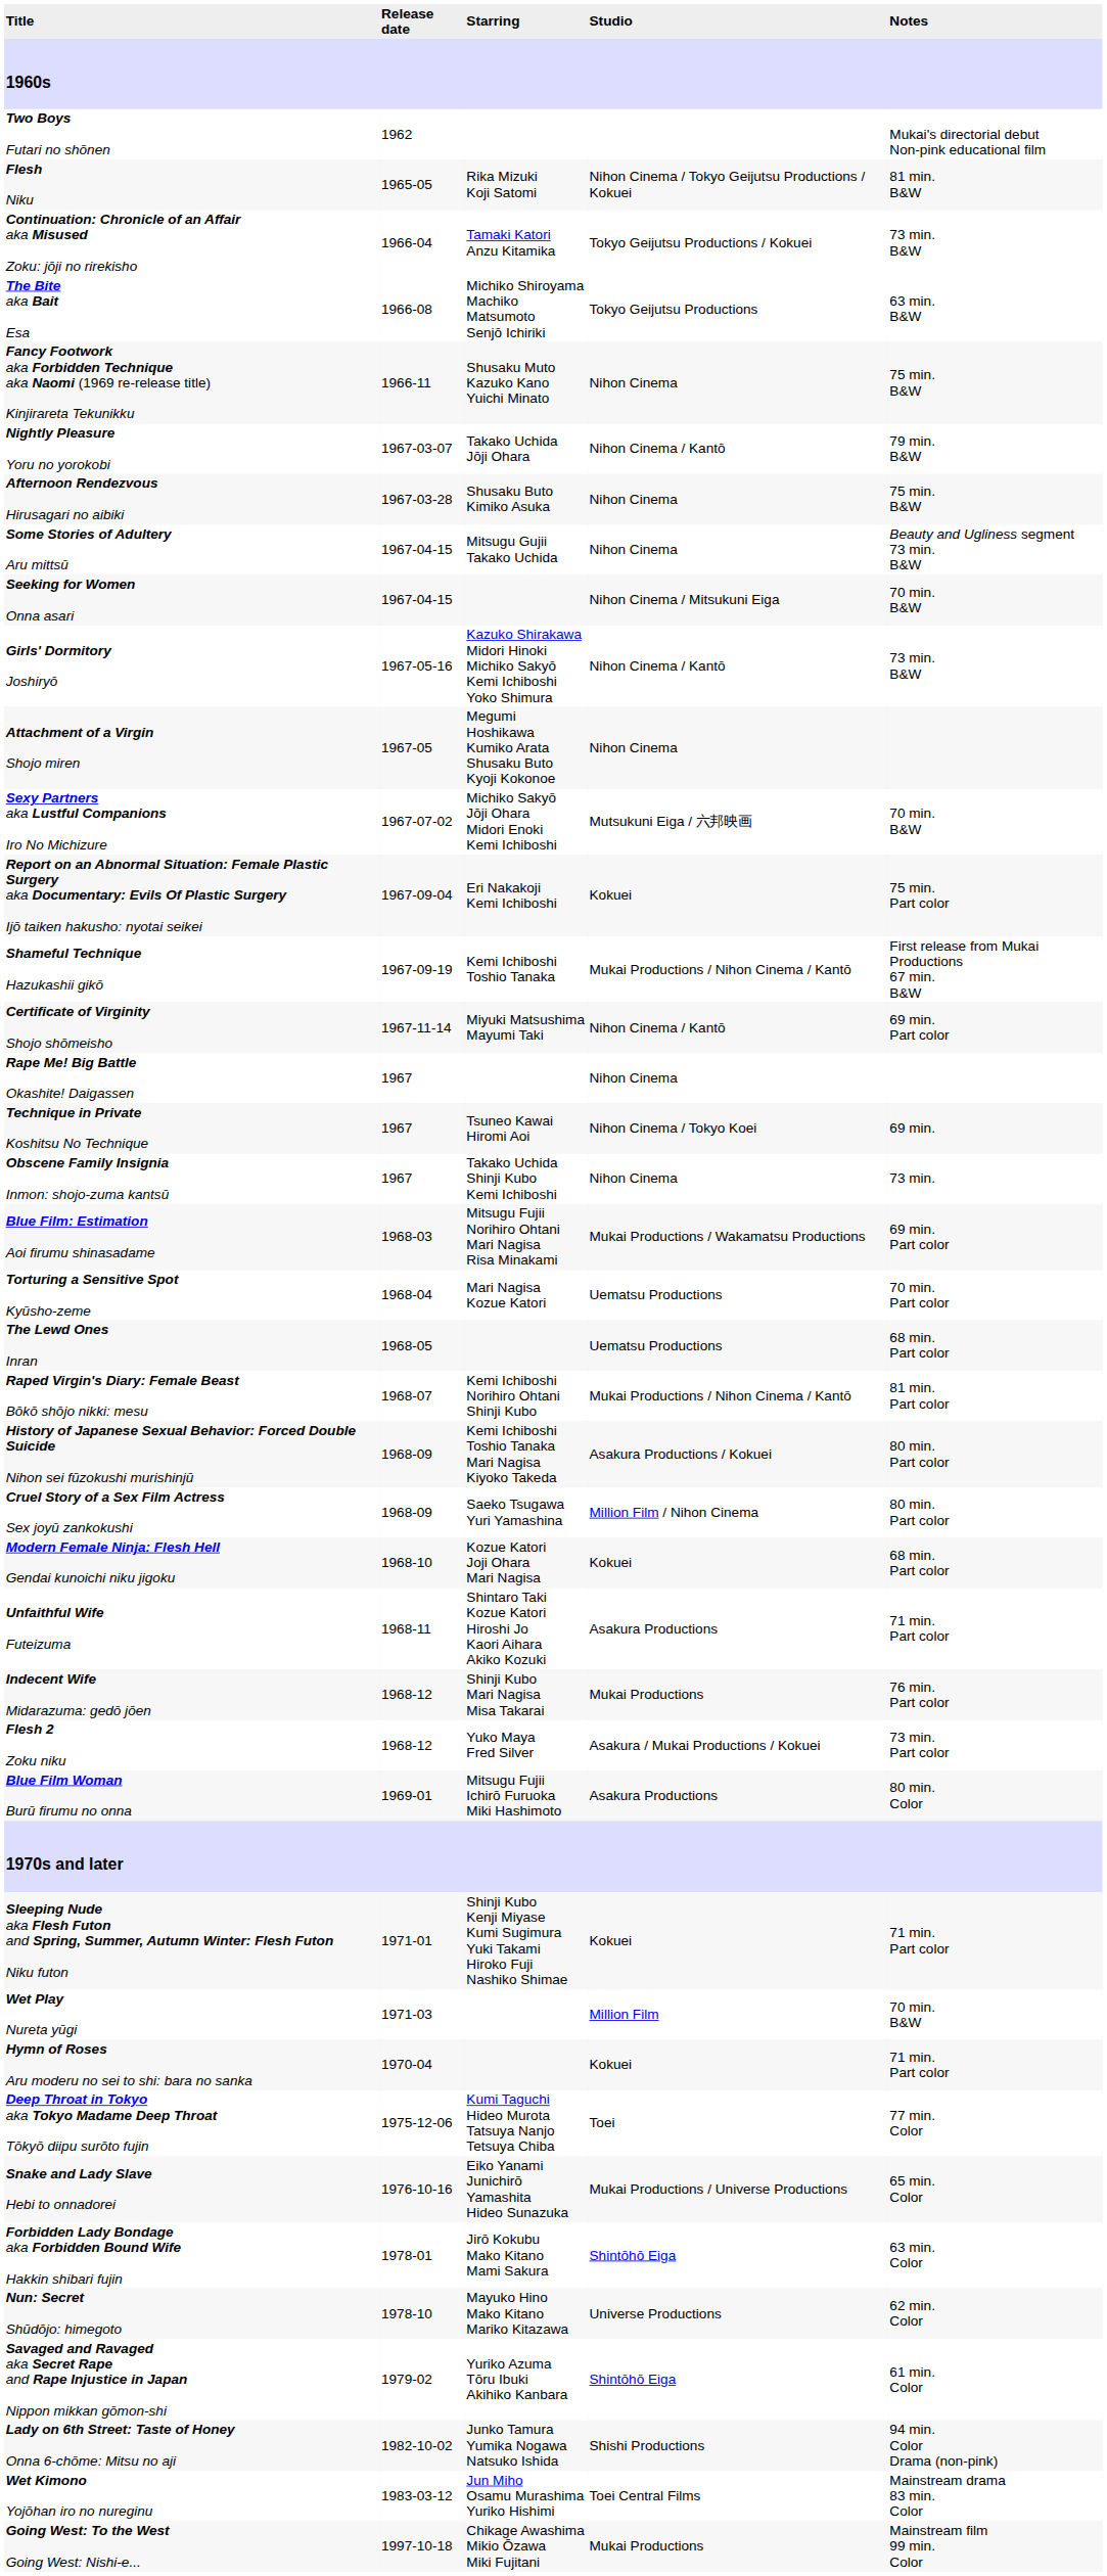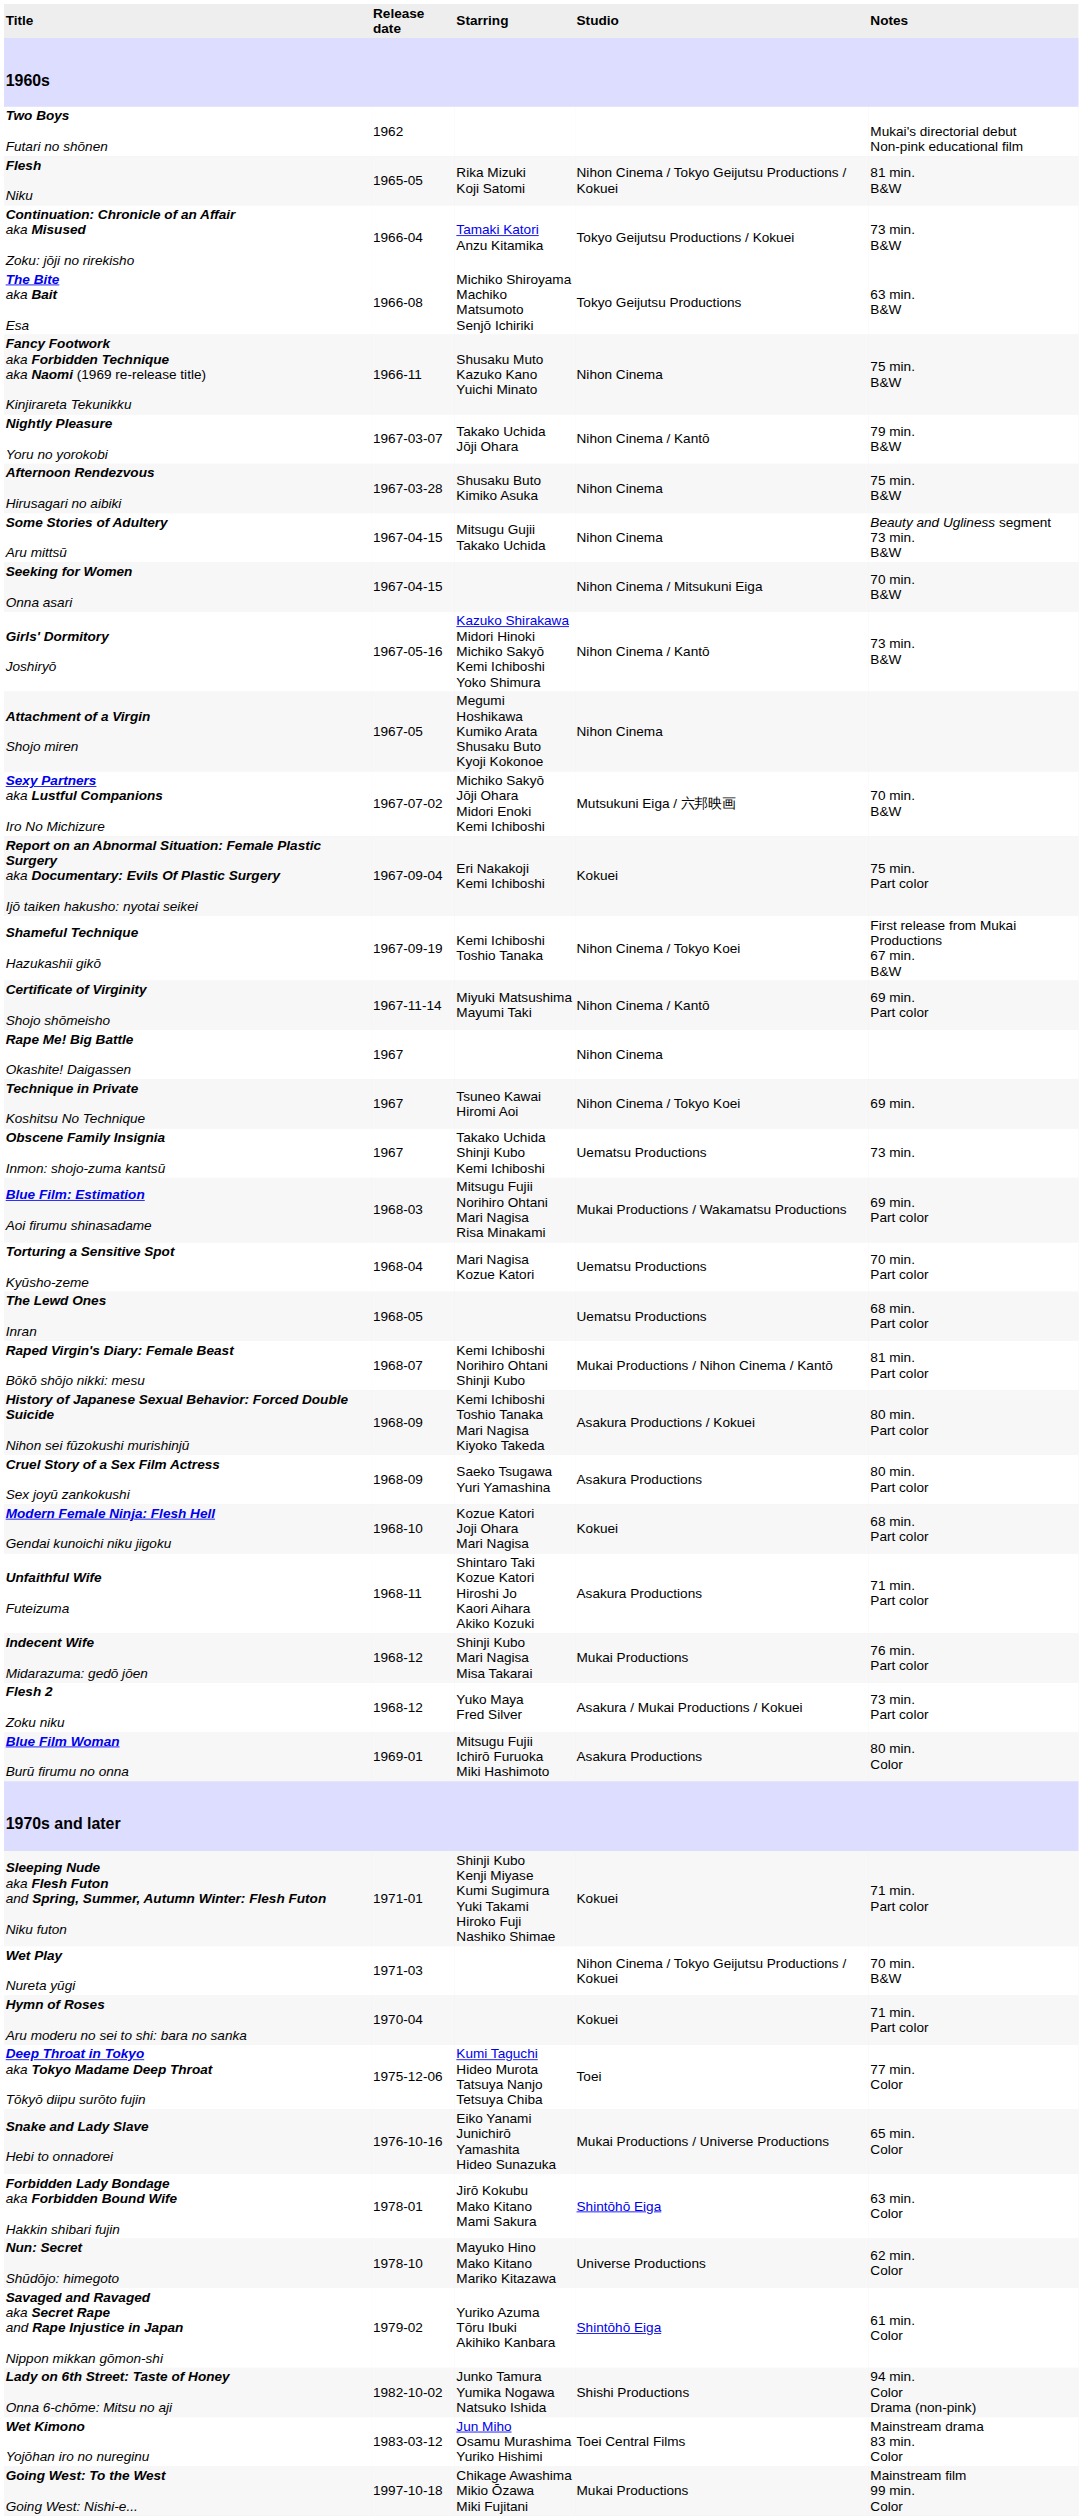 <table cellpadding=2 style="width:100%; text-align:left; border-width:0px; border-collapse:collapse; background:#eee;">
 <tr>
 <th>Title</th>
 <th>Release date</th>
 <th>Starring</th>
 <th>Studio</th>
 <th>Notes</th>
 </tr>
 <tr>
 <td colspan=6 style=background-color:#ddf;><br><h3>1960s</h3></td>
 </tr>
 <tr style=background:#fff;>
 <td><strong><em>Two Boys</em></strong><br><br><em>Futari no shōnen</em></td>
 <td>1962</td>
 <td></td>
 <td></td>
 <td><br>Mukai's directorial debut<br>Non-pink educational film</td>
 </tr>
 <tr style=background:#f7f7f7;>
 <td><strong><em>Flesh</em></strong><br><br><em>Niku</em></td>
 <td>1965-05</td>
 <td>Rika Mizuki<br>Koji Satomi</td>
 <td>Nihon Cinema / Tokyo Geijutsu Productions / Kokuei</td>
 <td>81 min.<br>B&W</td>
 </tr>
 <tr style=background:#fff;>
 <td><strong><em>Continuation: Chronicle of an Affair</em></strong> <br><em>aka</em> <strong><em>Misused</em></strong><br><br><em>Zoku: jōji no rirekisho</em></td>
 <td>1966-04</td>
 <td><a href='#'>Tamaki Katori</a><br>Anzu Kitamika</td>
 <td>Tokyo Geijutsu Productions / Kokuei</td>
 <td>73 min.<br>B&W</td>
 </tr>
 <tr style=background:#fff;>
 <td><strong><em><a href='#'>The Bite</a></em></strong> <br><em>aka</em> <strong><em>Bait</em></strong><br><br><em>Esa</em></td>
 <td>1966-08</td>
 <td>Michiko Shiroyama<br>Machiko Matsumoto<br>Senjō Ichiriki</td>
 <td>Tokyo Geijutsu Productions</td>
 <td>63 min.<br>B&W</td>
 </tr>
 <tr style=background:#f7f7f7;>
 <td><strong><em>Fancy Footwork</em></strong><br><em>aka</em> <strong><em>Forbidden Technique</em></strong> <br><em>aka</em> <strong><em>Naomi</em></strong> (1969 re-release title)<br><br><em>Kinjirareta Tekunikku</em></td>
 <td>1966-11</td>
 <td>Shusaku Muto<br>Kazuko Kano<br>Yuichi Minato</td>
 <td>Nihon Cinema</td>
 <td>75 min.<br>B&W</td>
 </tr>
 <tr style=background:#fff;>
 <td><strong><em>Nightly Pleasure</em></strong><br><br><em>Yoru no yorokobi</em></td>
 <td>1967-03-07</td>
 <td>Takako Uchida<br>Jōji Ohara</td>
 <td>Nihon Cinema / Kantō</td>
 <td>79 min.<br>B&W</td>
 </tr>
 <tr style=background:#f7f7f7;>
 <td><strong><em>Afternoon Rendezvous</em></strong><br><br><em>Hirusagari no aibiki</em></td>
 <td>1967-03-28</td>
 <td>Shusaku Buto<br>Kimiko Asuka</td>
 <td>Nihon Cinema</td>
 <td>75 min.<br>B&W</td>
 </tr>
 <tr style=background:#fff;>
 <td><strong><em>Some Stories of Adultery</em></strong><br><br><em>Aru mittsū</em></td>
 <td>1967-04-15</td>
 <td>Mitsugu Gujii<br>Takako Uchida</td>
 <td>Nihon Cinema</td>
 <td><em>Beauty and Ugliness</em> segment<br>73 min.<br>B&W</td>
 </tr>
 <tr style=background:#f7f7f7;>
 <td><strong><em>Seeking for Women</em></strong><br><br><em>Onna asari</em></td>
 <td>1967-04-15</td>
 <td></td>
 <td>Nihon Cinema / Mitsukuni Eiga</td>
 <td>70 min.<br>B&W</td>
 </tr>
 <tr style=background:#fff;>
 <td><strong><em>Girls' Dormitory</em></strong><br><br><em>Joshiryō</em></td>
 <td>1967-05-16</td>
 <td><a href='#'>Kazuko Shirakawa</a><br>Midori Hinoki<br>Michiko Sakyō<br>Kemi Ichiboshi<br>Yoko Shimura</td>
 <td>Nihon Cinema / Kantō</td>
 <td>73 min.<br>B&W</td>
 </tr>
 <tr style=background:#f7f7f7;>
 <td><strong><em>Attachment of a Virgin</em></strong><br><br><em>Shojo miren</em></td>
 <td>1967-05</td>
 <td>Megumi Hoshikawa<br>Kumiko Arata<br>Shusaku Buto<br>Kyoji Kokonoe</td>
 <td>Nihon Cinema</td>
 <td></td>
 </tr>
 <tr style=background:#fff;>
 <td><strong><em><a href='#'>Sexy Partners</a></em></strong><br><em>aka</em> <strong><em>Lustful Companions</em></strong> <br><br><em>Iro No Michizure</em></td>
 <td>1967-07-02</td>
 <td>Michiko Sakyō<br>Jōji Ohara<br>Midori Enoki<br>Kemi Ichiboshi</td>
 <td>Mutsukuni Eiga / 六邦映画</td>
 <td>70 min.<br>B&W</td>
 </tr>
 <tr style=background:#f7f7f7;>
 <td><strong><em>Report on an Abnormal Situation: Female Plastic Surgery</em></strong> <br><em>aka</em> <strong><em>Documentary: Evils Of Plastic Surgery</em></strong><br><br><em>Ijō taiken hakusho: nyotai seikei</em></td>
 <td>1967-09-04</td>
 <td>Eri Nakakoji<br>Kemi Ichiboshi</td>
 <td>Kokuei</td>
 <td>75 min.<br>Part color</td>
 </tr>
 <tr style=background:#fff;>
 <td><strong><em>Shameful Technique</em></strong><br><br><em>Hazukashii gikō</em></td>
 <td>1967-09-19</td>
 <td>Kemi Ichiboshi<br>Toshio Tanaka</td>
-<td>Mukai Productions / Nihon Cinema / Kantō</td>
+<td>Nihon Cinema / Tokyo Koei</td>
 <td>First release from Mukai Productions<br>67 min.<br>B&W</td>
 </tr>
 <tr style=background:#f7f7f7;>
 <td><strong><em>Certificate of Virginity</em></strong><br><br><em>Shojo shōmeisho</em></td>
 <td>1967-11-14</td>
 <td>Miyuki Matsushima<br>Mayumi Taki</td>
 <td>Nihon Cinema / Kantō</td>
 <td>69 min.<br>Part color</td>
 </tr>
 <tr style=background:#fff;>
 <td><strong><em>Rape Me! Big Battle</em></strong><br><br><em>Okashite! Daigassen</em></td>
 <td>1967</td>
 <td></td>
 <td>Nihon Cinema</td>
 <td></td>
 </tr>
 <tr style=background:#f7f7f7;>
 <td><strong><em>Technique in Private</em></strong><br><br><em>Koshitsu No Technique</em></td>
 <td>1967</td>
 <td>Tsuneo Kawai<br>Hiromi Aoi</td>
 <td>Nihon Cinema / Tokyo Koei</td>
 <td>69 min.</td>
 </tr>
 <tr style=background:#fff;>
 <td><strong><em>Obscene Family Insignia</em></strong><br><br><em>Inmon: shojo-zuma kantsū</em></td>
 <td>1967</td>
 <td>Takako Uchida<br>Shinji Kubo<br>Kemi Ichiboshi</td>
-<td>Nihon Cinema</td>
+<td>Uematsu Productions</td>
 <td>73 min.</td>
 </tr>
 <tr style=background:#f7f7f7;>
 <td><strong><em><a href='#'>Blue Film: Estimation</a></em></strong><br><br><em>Aoi firumu shinasadame</em></td>
 <td>1968-03</td>
 <td>Mitsugu Fujii<br>Norihiro Ohtani<br>Mari Nagisa<br>Risa Minakami</td>
 <td>Mukai Productions / Wakamatsu Productions</td>
 <td>69 min.<br>Part color</td>
 </tr>
 <tr style=background:#fff;>
 <td><strong><em>Torturing a Sensitive Spot</em></strong><br><br><em>Kyūsho-zeme</em></td>
 <td>1968-04</td>
 <td>Mari Nagisa<br>Kozue Katori</td>
 <td>Uematsu Productions</td>
 <td>70 min.<br>Part color</td>
 </tr>
 <tr style=background:#f7f7f7;>
 <td><strong><em>The Lewd Ones</em></strong><br><br><em>Inran</em></td>
 <td>1968-05</td>
 <td></td>
 <td>Uematsu Productions</td>
 <td>68 min.<br>Part color</td>
 </tr>
 <tr style=background:#fff;>
 <td><strong><em>Raped Virgin's Diary: Female Beast</em></strong><br><br><em>Bōkō shōjo nikki: mesu</em></td>
 <td>1968-07</td>
 <td>Kemi Ichiboshi<br>Norihiro Ohtani<br>Shinji Kubo</td>
 <td>Mukai Productions / Nihon Cinema / Kantō</td>
 <td>81 min.<br>Part color</td>
 </tr>
 <tr style=background:#f7f7f7;>
 <td><strong><em>History of Japanese Sexual Behavior: Forced Double Suicide</em></strong><br><br><em>Nihon sei fūzokushi murishinjū</em></td>
 <td>1968-09</td>
 <td>Kemi Ichiboshi<br>Toshio Tanaka<br>Mari Nagisa<br>Kiyoko Takeda</td>
 <td>Asakura Productions / Kokuei</td>
 <td>80 min.<br>Part color</td>
 </tr>
 <tr style=background:#fff;>
 <td><strong><em>Cruel Story of a Sex Film Actress</em></strong><br><br><em>Sex joyū zankokushi</em></td>
 <td>1968-09</td>
 <td>Saeko Tsugawa<br>Yuri Yamashina</td>
-<td><a href='#'>Million Film</a> / Nihon Cinema</td>
+<td>Asakura Productions</td>
 <td>80 min.<br>Part color</td>
 </tr>
 <tr style=background:#f7f7f7;>
 <td><strong><em><a href='#'>Modern Female Ninja: Flesh Hell</a></em></strong><br><br><em>Gendai kunoichi niku jigoku</em></td>
 <td>1968-10</td>
 <td>Kozue Katori<br>Joji Ohara<br>Mari Nagisa</td>
 <td>Kokuei</td>
 <td>68 min.<br>Part color</td>
 </tr>
 <tr style=background:#fff;>
 <td><strong><em>Unfaithful Wife</em></strong><br><br><em>Futeizuma</em></td>
 <td>1968-11</td>
 <td>Shintaro Taki<br>Kozue Katori<br>Hiroshi Jo<br>Kaori Aihara<br>Akiko Kozuki</td>
 <td>Asakura Productions</td>
 <td>71 min.<br>Part color</td>
 </tr>
 <tr style=background:#f7f7f7;>
 <td><strong><em>Indecent Wife</em></strong><br><br><em>Midarazuma: gedō jōen</em></td>
 <td>1968-12</td>
 <td>Shinji Kubo<br>Mari Nagisa<br>Misa Takarai</td>
 <td>Mukai Productions</td>
 <td>76 min.<br>Part color</td>
 </tr>
 <tr style=background:#fff;>
 <td><strong><em>Flesh 2</em></strong><br><br><em>Zoku niku</em></td>
 <td>1968-12</td>
 <td>Yuko Maya<br>Fred Silver</td>
 <td>Asakura / Mukai Productions / Kokuei</td>
 <td>73 min.<br>Part color</td>
 </tr>
 <tr style=background:#f7f7f7;>
 <td><strong><em><a href='#'>Blue Film Woman</a></em></strong><br><br><em>Burū firumu no onna</em></td>
 <td>1969-01</td>
 <td>Mitsugu Fujii<br>Ichirō Furuoka<br>Miki Hashimoto</td>
 <td>Asakura Productions</td>
 <td>80 min.<br>Color</td>
 </tr>
 <tr>
 <td colspan=6 style=background-color:#ddf;><br><h3>1970s and later</h3></td>
 </tr>
 <tr style=background:#f7f7f7;>
 <td><strong><em>Sleeping Nude</em></strong> <br><em>aka</em> <strong><em>Flesh Futon</em></strong> <br><em>and</em> <strong><em>Spring, Summer, Autumn Winter: Flesh Futon</em></strong><br><br><em>Niku futon</em></td>
 <td>1971-01</td>
 <td>Shinji Kubo<br>Kenji Miyase<br>Kumi Sugimura<br>Yuki Takami<br>Hiroko Fuji<br>Nashiko Shimae</td>
 <td>Kokuei</td>
 <td>71 min.<br>Part color</td>
 </tr>
 <tr style=background:#fff;>
 <td><strong><em>Wet Play</em></strong><br><br><em>Nureta yūgi</em></td>
 <td>1971-03</td>
 <td></td>
-<td><a href='#'>Million Film</a></td>
+<td>Nihon Cinema / Tokyo Geijutsu Productions / Kokuei</td>
 <td>70 min.<br>B&W</td>
 </tr>
 <tr style=background:#f7f7f7;>
 <td><strong><em>Hymn of Roses</em></strong><br><br><em>Aru moderu no sei to shi: bara no sanka</em></td>
 <td>1970-04</td>
 <td></td>
 <td>Kokuei</td>
 <td>71 min.<br>Part color</td>
 </tr>
 <tr style=background:#fff;>
 <td><strong><em><a href='#'>Deep Throat in Tokyo</a></em></strong> <br><em>aka</em> <strong><em>Tokyo Madame Deep Throat</em></strong><br><br><em>Tōkyō diipu surōto fujin</em></td>
 <td>1975-12-06</td>
 <td><a href='#'>Kumi Taguchi</a><br>Hideo Murota<br>Tatsuya Nanjo<br>Tetsuya Chiba</td>
 <td>Toei</td>
 <td>77 min.<br>Color</td>
 </tr>
 <tr style=background:#f7f7f7;>
 <td><strong><em>Snake and Lady Slave</em></strong><br><br><em>Hebi to onnadorei</em></td>
 <td>1976-10-16</td>
 <td>Eiko Yanami<br>Junichirō Yamashita<br>Hideo Sunazuka</td>
 <td>Mukai Productions / Universe Productions</td>
 <td>65 min.<br>Color</td>
 </tr>
 <tr style=background:#fff;>
 <td><strong><em>Forbidden Lady Bondage</em></strong> <br><em>aka</em> <strong><em>Forbidden Bound Wife</em></strong><br><br><em>Hakkin shibari fujin</em></td>
 <td>1978-01</td>
 <td>Jirō Kokubu<br>Mako Kitano<br>Mami Sakura</td>
 <td><a href='#'>Shintōhō Eiga</a></td>
 <td>63 min.<br>Color</td>
 </tr>
 <tr style=background:#f7f7f7;>
 <td><strong><em>Nun: Secret</em></strong><br><br><em>Shūdōjo: himegoto</em></td>
 <td>1978-10</td>
 <td>Mayuko Hino<br>Mako Kitano<br>Mariko Kitazawa</td>
 <td>Universe Productions</td>
 <td>62 min.<br>Color</td>
 </tr>
 <tr style=background:#fff;>
 <td><strong><em>Savaged and Ravaged</em></strong> <br><em>aka</em> <strong><em>Secret Rape</em></strong> <br><em>and</em> <strong><em>Rape Injustice in Japan</em></strong><br><br><em>Nippon mikkan gōmon-shi</em><br></td>
 <td>1979-02</td>
 <td>Yuriko Azuma<br>Tōru Ibuki<br>Akihiko Kanbara</td>
 <td><a href='#'>Shintōhō Eiga</a></td>
 <td>61 min.<br>Color</td>
 </tr>
 <tr style=background:#f7f7f7;>
 <td><strong><em>Lady on 6th Street: Taste of Honey</em></strong><br><br><em>Onna 6-chōme: Mitsu no aji</em></td>
 <td>1982-10-02</td>
 <td>Junko Tamura<br>Yumika Nogawa<br>Natsuko Ishida</td>
 <td>Shishi Productions</td>
 <td>94 min.<br>Color<br>Drama (non-pink)</td>
 </tr>
 <tr style=background:#fff;>
 <td><strong><em>Wet Kimono</em></strong><br><br><em>Yojōhan iro no nureginu</em></td>
 <td>1983-03-12</td>
 <td><a href='#'>Jun Miho</a><br>Osamu Murashima<br>Yuriko Hishimi</td>
 <td>Toei Central Films</td>
 <td>Mainstream drama<br>83 min.<br>Color</td>
 </tr>
 <tr style=background:#f7f7f7;>
 <td><strong><em>Going West: To the West</em></strong><br><br><em>Going West: Nishi-e...</em></td>
 <td>1997-10-18</td>
 <td>Chikage Awashima<br>Mikio Ōzawa<br>Miki Fujitani</td>
 <td>Mukai Productions</td>
 <td>Mainstream film<br>99 min.<br>Color</td>
 </tr>
 </table>
